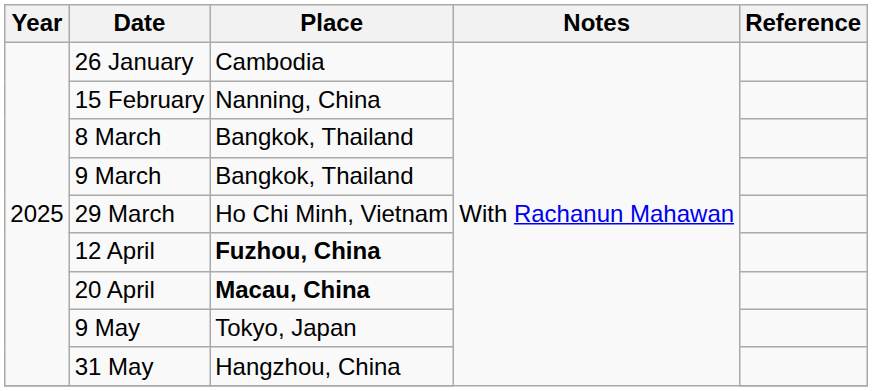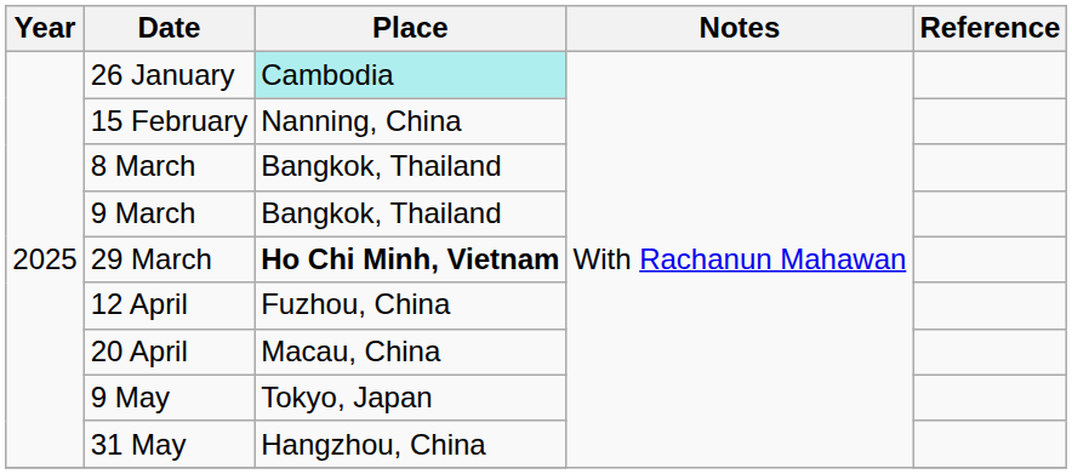 <table class="wikitable collapsible collapsed">
 <tr>
 <th>Year</th>
 <th>Date</th>
 <th>Place</th>
 <th>Notes</th>
 <th>Reference</th>
 </tr>
 <tr>
 <td rowspan=9>2025</td>
 <td>26 January</td>
-<td>Cambodia</td>
+<td style="background: paleturquoise;">Cambodia</td>
 <td rowspan=10>With <a href='#'>Rachanun Mahawan</a></td>
 <td></td>
 </tr>
 <tr>
 <td>15 February</td>
 <td>Nanning, China</td>
 <td></td>
 </tr>
 <tr>
 <td>8 March</td>
 <td>Bangkok, Thailand</td>
 <td></td>
 </tr>
 <tr>
 <td>9 March</td>
 <td>Bangkok, Thailand</td>
 <td></td>
 </tr>
 <tr>
 <td>29 March</td>
-<td>Ho Chi Minh, Vietnam</td>
+<td><strong>Ho Chi Minh, Vietnam</strong></td>
 <td></td>
 </tr>
 <tr>
 <td>12 April</td>
-<td><strong>Fuzhou, China</strong></td>
+<td>Fuzhou, China</td>
 <td></td>
 </tr>
 <tr>
 <td>20 April</td>
-<td><strong>Macau, China</strong></td>
+<td>Macau, China</td>
 <td></td>
 </tr>
 <tr>
 <td>9 May</td>
 <td>Tokyo, Japan</td>
 <td></td>
 </tr>
 <tr>
 <td>31 May</td>
 <td>Hangzhou, China</td>
 <td></td>
 </tr>
 <tr>
 </tr>
 </table>
